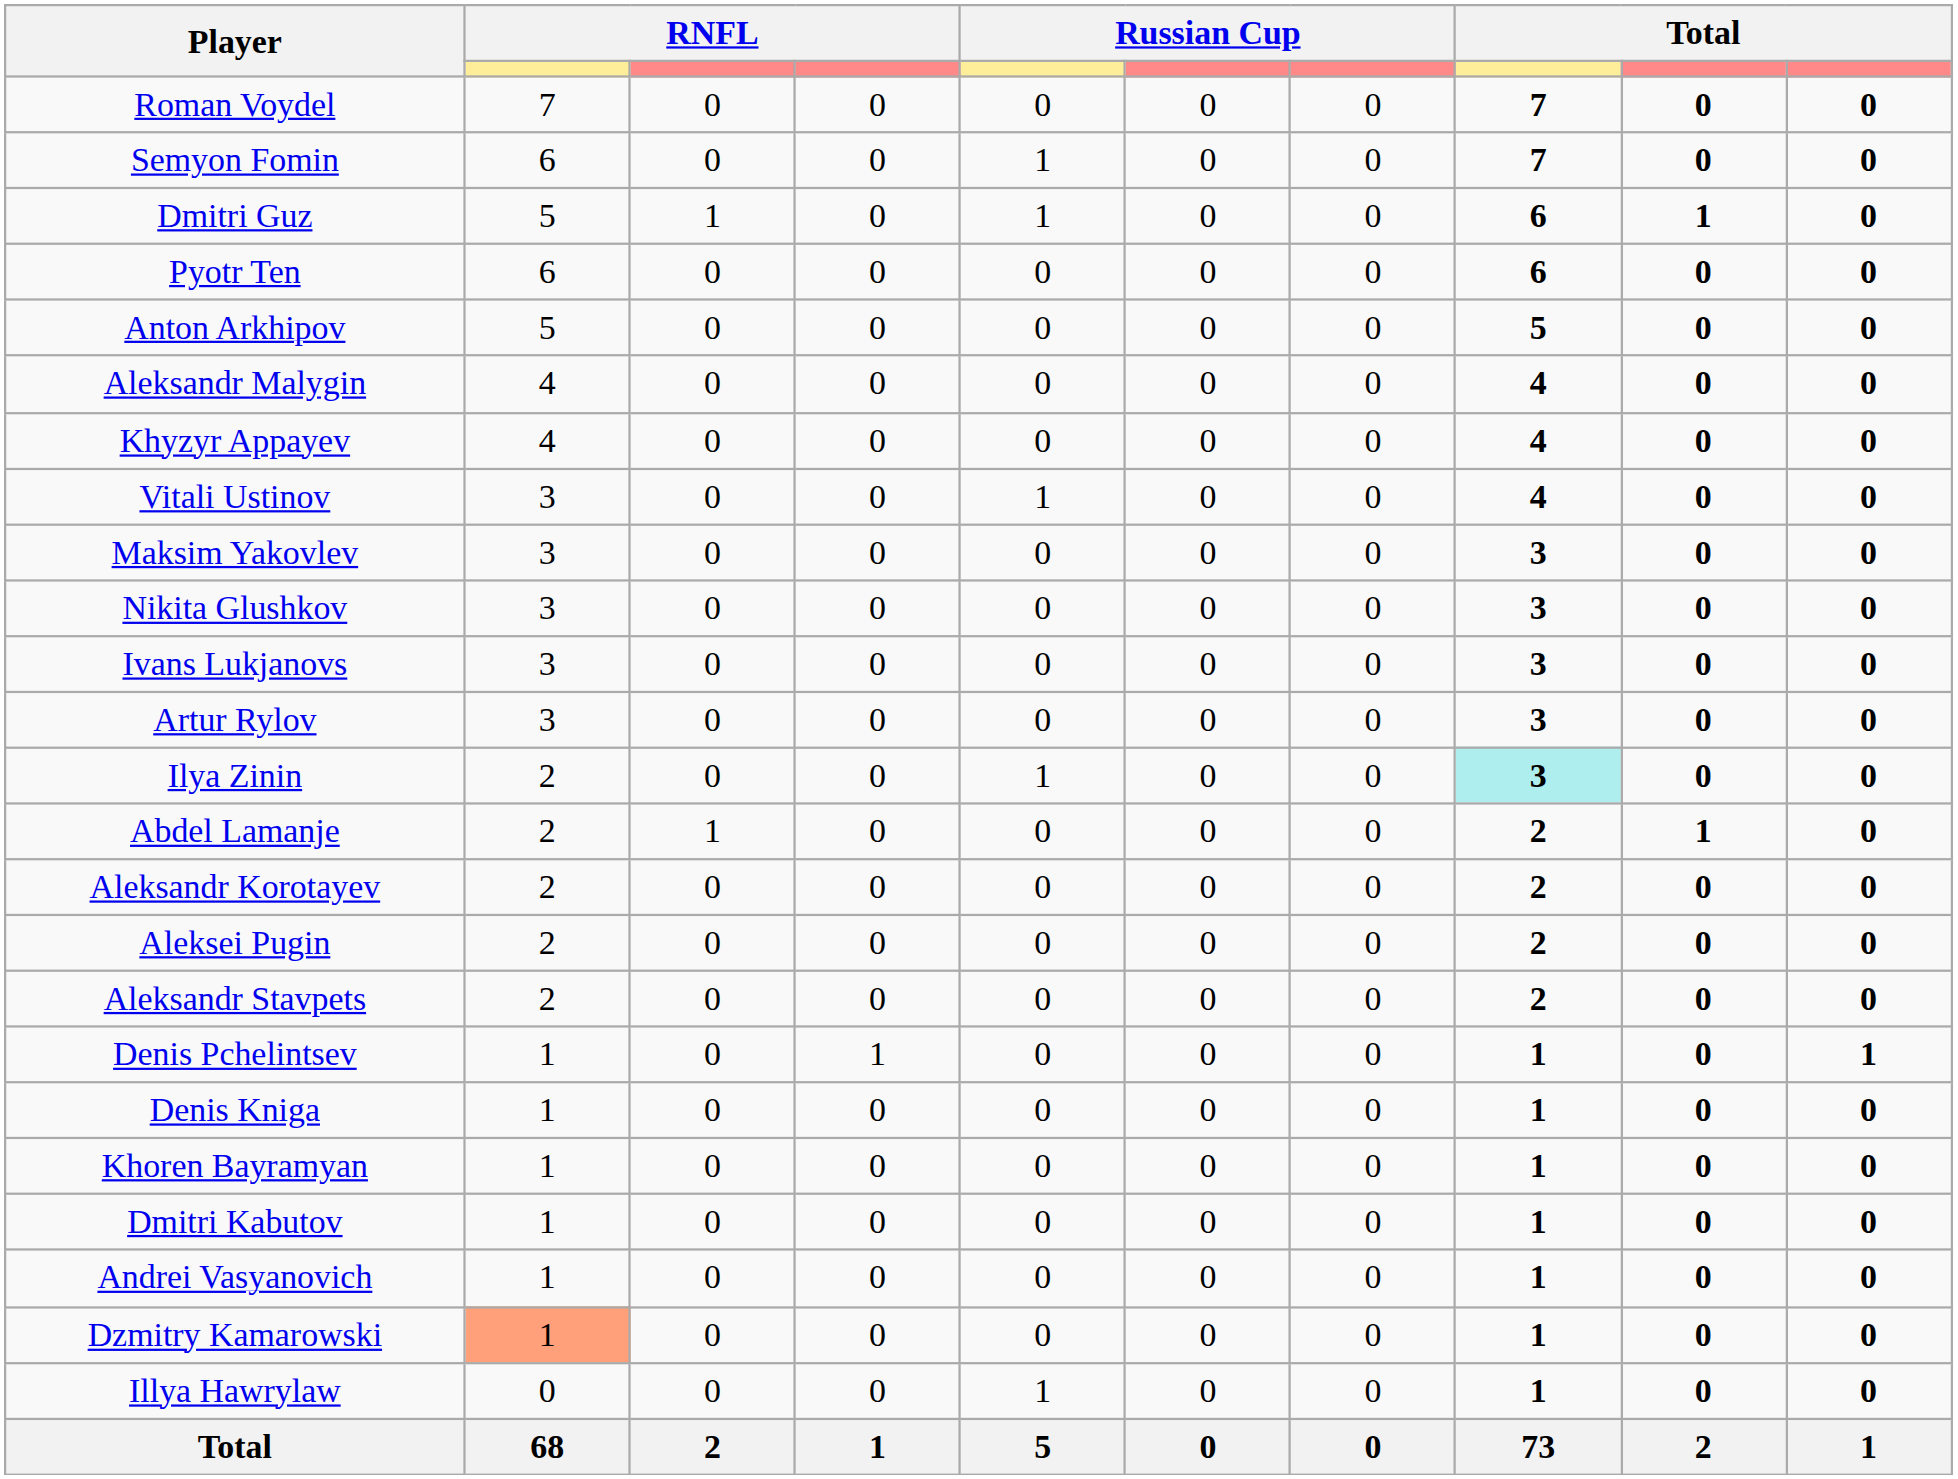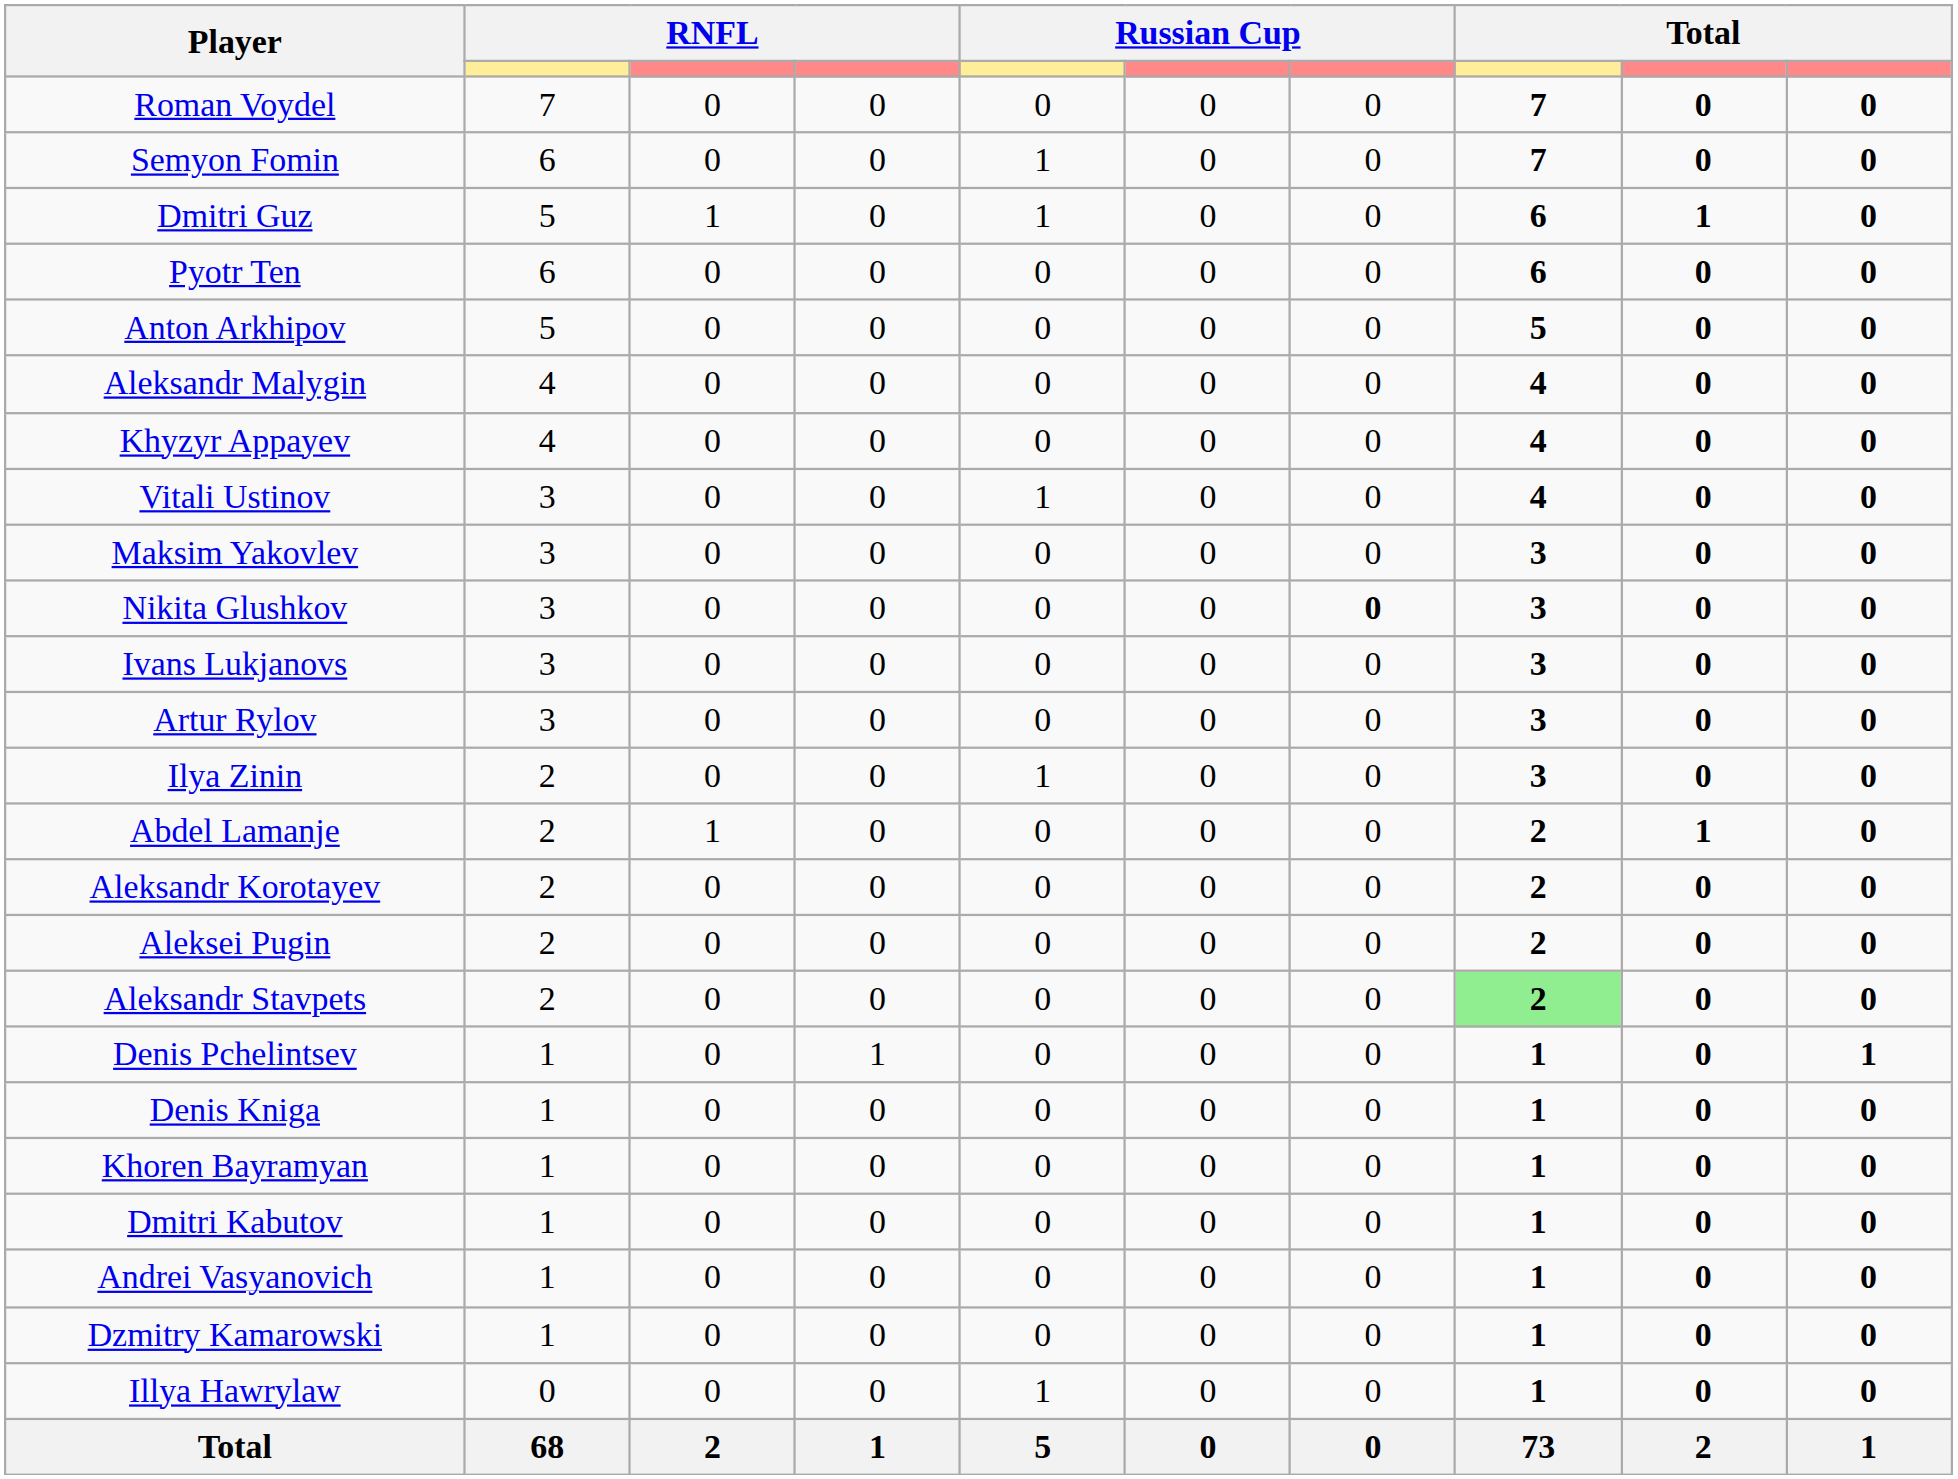 <table class="wikitable" style="font-size: 95%; text-align: center;">
 <tr>
 <th width=199px rowspan=2>Player</th>
 <th colspan=3><a href='#'>RNFL</a></th>
 <th colspan=3><a href='#'>Russian Cup</a></th>
 <th colspan=3>Total</th>
 </tr>
 <tr>
 <th width=67px style="background:#FFEE99"></th>
 <th width=67px style="background:#FF8888"></th>
 <th width=67px style="background:#FF8888"></th>
 <th width=67px style="background:#FFEE99"></th>
 <th width=67px style="background:#FF8888"></th>
 <th width=67px style="background:#FF8888"></th>
 <th width=67px style="background:#FFEE99"></th>
 <th width=67px style="background:#FF8888"></th>
 <th width=67px style="background:#FF8888"></th>
 </tr>
 <tr>
 <td><a href='#'>Roman Voydel</a></td>
 <td>7</td>
 <td>0</td>
 <td>0</td>
 <td>0</td>
 <td>0</td>
 <td>0</td>
 <td><strong>7</strong></td>
 <td><strong>0</strong></td>
 <td><strong>0</strong></td>
 </tr>
 <tr>
 <td><a href='#'>Semyon Fomin</a></td>
 <td>6</td>
 <td>0</td>
 <td>0</td>
 <td>1</td>
 <td>0</td>
 <td>0</td>
 <td><strong>7</strong></td>
 <td><strong>0</strong></td>
 <td><strong>0</strong></td>
 </tr>
 <tr>
 <td><a href='#'>Dmitri Guz</a></td>
 <td>5</td>
 <td>1</td>
 <td>0</td>
 <td>1</td>
 <td>0</td>
 <td>0</td>
 <td><strong>6</strong></td>
 <td><strong>1</strong></td>
 <td><strong>0</strong></td>
 </tr>
 <tr>
 <td><a href='#'>Pyotr Ten</a></td>
 <td>6</td>
 <td>0</td>
 <td>0</td>
 <td>0</td>
 <td>0</td>
 <td>0</td>
 <td><strong>6</strong></td>
 <td><strong>0</strong></td>
 <td><strong>0</strong></td>
 </tr>
 <tr>
 <td><a href='#'>Anton Arkhipov</a></td>
 <td>5</td>
 <td>0</td>
 <td>0</td>
 <td>0</td>
 <td>0</td>
 <td>0</td>
 <td><strong>5</strong></td>
 <td><strong>0</strong></td>
 <td><strong>0</strong></td>
 </tr>
 <tr>
 <td><a href='#'>Aleksandr Malygin</a></td>
 <td>4</td>
 <td>0</td>
 <td>0</td>
 <td>0</td>
 <td>0</td>
 <td>0</td>
 <td><strong>4</strong></td>
 <td><strong>0</strong></td>
 <td><strong>0</strong></td>
 </tr>
 <tr>
 <td><a href='#'>Khyzyr Appayev</a></td>
 <td>4</td>
 <td>0</td>
 <td>0</td>
 <td>0</td>
 <td>0</td>
 <td>0</td>
 <td><strong>4</strong></td>
 <td><strong>0</strong></td>
 <td><strong>0</strong></td>
 </tr>
 <tr>
 <td><a href='#'>Vitali Ustinov</a></td>
 <td>3</td>
 <td>0</td>
 <td>0</td>
 <td>1</td>
 <td>0</td>
 <td>0</td>
 <td><strong>4</strong></td>
 <td><strong>0</strong></td>
 <td><strong>0</strong></td>
 </tr>
 <tr>
 <td><a href='#'>Maksim Yakovlev</a></td>
 <td>3</td>
 <td>0</td>
 <td>0</td>
 <td>0</td>
 <td>0</td>
 <td>0</td>
 <td><strong>3</strong></td>
 <td><strong>0</strong></td>
 <td><strong>0</strong></td>
 </tr>
 <tr>
 <td><a href='#'>Nikita Glushkov</a></td>
 <td>3</td>
 <td>0</td>
 <td>0</td>
 <td>0</td>
 <td>0</td>
-<td>0</td>
+<td><strong>0</strong></td>
 <td><strong>3</strong></td>
 <td><strong>0</strong></td>
 <td><strong>0</strong></td>
 </tr>
 <tr>
 <td><a href='#'>Ivans Lukjanovs</a></td>
 <td>3</td>
 <td>0</td>
 <td>0</td>
 <td>0</td>
 <td>0</td>
 <td>0</td>
 <td><strong>3</strong></td>
 <td><strong>0</strong></td>
 <td><strong>0</strong></td>
 </tr>
 <tr>
 <td><a href='#'>Artur Rylov</a></td>
 <td>3</td>
 <td>0</td>
 <td>0</td>
 <td>0</td>
 <td>0</td>
 <td>0</td>
 <td><strong>3</strong></td>
 <td><strong>0</strong></td>
 <td><strong>0</strong></td>
 </tr>
 <tr>
 <td><a href='#'>Ilya Zinin</a></td>
 <td>2</td>
 <td>0</td>
 <td>0</td>
 <td>1</td>
 <td>0</td>
 <td>0</td>
-<td style="background: paleturquoise;"><strong>3</strong></td>
+<td><strong>3</strong></td>
 <td><strong>0</strong></td>
 <td><strong>0</strong></td>
 </tr>
 <tr>
 <td><a href='#'>Abdel Lamanje</a></td>
 <td>2</td>
 <td>1</td>
 <td>0</td>
 <td>0</td>
 <td>0</td>
 <td>0</td>
 <td><strong>2</strong></td>
 <td><strong>1</strong></td>
 <td><strong>0</strong></td>
 </tr>
 <tr>
 <td><a href='#'>Aleksandr Korotayev</a></td>
 <td>2</td>
 <td>0</td>
 <td>0</td>
 <td>0</td>
 <td>0</td>
 <td>0</td>
 <td><strong>2</strong></td>
 <td><strong>0</strong></td>
 <td><strong>0</strong></td>
 </tr>
 <tr>
 <td><a href='#'>Aleksei Pugin</a></td>
 <td>2</td>
 <td>0</td>
 <td>0</td>
 <td>0</td>
 <td>0</td>
 <td>0</td>
 <td><strong>2</strong></td>
 <td><strong>0</strong></td>
 <td><strong>0</strong></td>
 </tr>
 <tr>
 <td><a href='#'>Aleksandr Stavpets</a></td>
 <td>2</td>
 <td>0</td>
 <td>0</td>
 <td>0</td>
 <td>0</td>
 <td>0</td>
-<td><strong>2</strong></td>
+<td style="background: lightgreen;"><strong>2</strong></td>
 <td><strong>0</strong></td>
 <td><strong>0</strong></td>
 </tr>
 <tr>
 <td><a href='#'>Denis Pchelintsev</a></td>
 <td>1</td>
 <td>0</td>
 <td>1</td>
 <td>0</td>
 <td>0</td>
 <td>0</td>
 <td><strong>1</strong></td>
 <td><strong>0</strong></td>
 <td><strong>1</strong></td>
 </tr>
 <tr>
 <td><a href='#'>Denis Kniga</a></td>
 <td>1</td>
 <td>0</td>
 <td>0</td>
 <td>0</td>
 <td>0</td>
 <td>0</td>
 <td><strong>1</strong></td>
 <td><strong>0</strong></td>
 <td><strong>0</strong></td>
 </tr>
 <tr>
 <td><a href='#'>Khoren Bayramyan</a></td>
 <td>1</td>
 <td>0</td>
 <td>0</td>
 <td>0</td>
 <td>0</td>
 <td>0</td>
 <td><strong>1</strong></td>
 <td><strong>0</strong></td>
 <td><strong>0</strong></td>
 </tr>
 <tr>
 <td><a href='#'>Dmitri Kabutov</a></td>
 <td>1</td>
 <td>0</td>
 <td>0</td>
 <td>0</td>
 <td>0</td>
 <td>0</td>
 <td><strong>1</strong></td>
 <td><strong>0</strong></td>
 <td><strong>0</strong></td>
 </tr>
 <tr>
 <td><a href='#'>Andrei Vasyanovich</a></td>
 <td>1</td>
 <td>0</td>
 <td>0</td>
 <td>0</td>
 <td>0</td>
 <td>0</td>
 <td><strong>1</strong></td>
 <td><strong>0</strong></td>
 <td><strong>0</strong></td>
 </tr>
 <tr>
 <td><a href='#'>Dzmitry Kamarowski</a></td>
-<td style="background: lightsalmon;">1</td>
+<td>1</td>
 <td>0</td>
 <td>0</td>
 <td>0</td>
 <td>0</td>
 <td>0</td>
 <td><strong>1</strong></td>
 <td><strong>0</strong></td>
 <td><strong>0</strong></td>
 </tr>
 <tr>
 <td><a href='#'>Illya Hawrylaw</a></td>
 <td>0</td>
 <td>0</td>
 <td>0</td>
 <td>1</td>
 <td>0</td>
 <td>0</td>
 <td><strong>1</strong></td>
 <td><strong>0</strong></td>
 <td><strong>0</strong></td>
 </tr>
 <tr>
 <th>Total</th>
 <th>68</th>
 <th>2</th>
 <th>1</th>
 <th>5</th>
 <th>0</th>
 <th>0</th>
 <th><strong>73</strong></th>
 <th><strong>2</strong></th>
 <th><strong>1</strong></th>
 </tr>
 </table>
